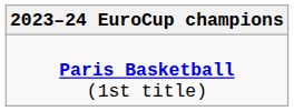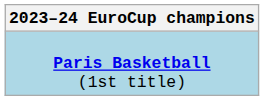 <table class=wikitable style="text-align:center; margin:auto">
 <tr>
 <th>2023–24 EuroCup champions</th>
 </tr>
 <tr>
-<td><br><strong><a href='#'>Paris Basketball</a></strong><br>(1st title)</td>
+<td style="background: lightblue;"><br><strong><a href='#'>Paris Basketball</a></strong><br>(1st title)</td>
 </tr>
 </table>
